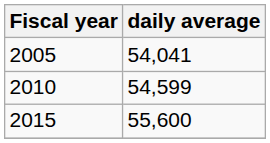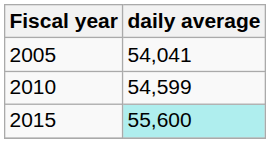 <table class="wikitable">
 <tr>
 <th>Fiscal year</th>
 <th>daily average</th>
 </tr>
 <tr>
 <td>2005</td>
 <td>54,041</td>
 </tr>
 <tr>
 <td>2010</td>
 <td>54,599</td>
 </tr>
 <tr>
 <td>2015</td>
-<td>55,600</td>
+<td style="background: paleturquoise;">55,600</td>
 </tr>
 <tr>
 </tr>
 </table>
